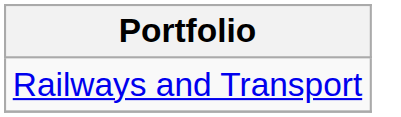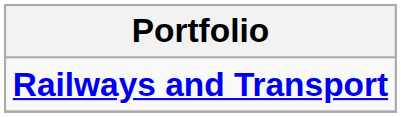 <table class="wikitable">
 <tr>
 <th>Portfolio</th>
 </tr>
 <tr>
-<td><a href='#'>Railways and Transport</a></td>
+<td><strong><a href='#'>Railways and Transport</a></strong></td>
 </tr>
 <tr>
 </tr>
 </table>
